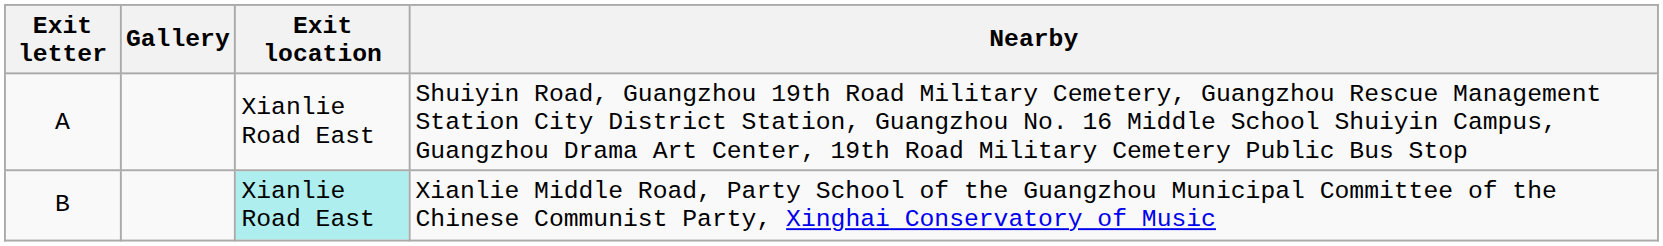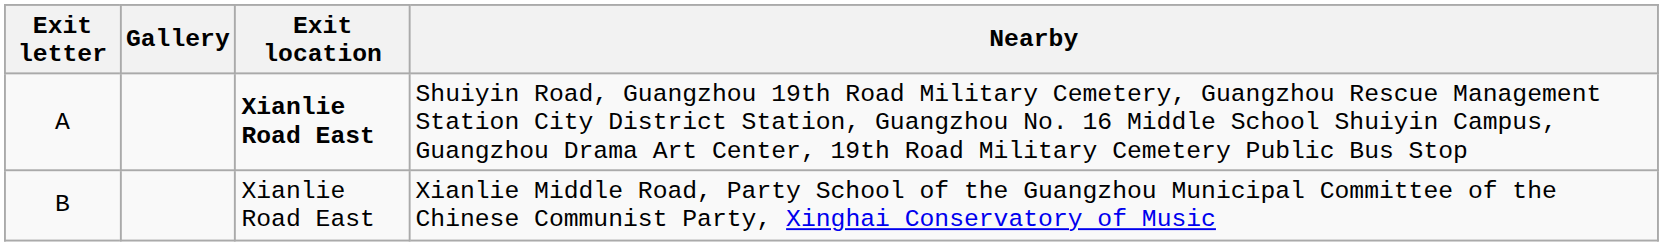 <table class="wikitable">
 <tr>
 <th style="width:70px" colspan="2">Exit letter</th>
 <th>Gallery</th>
 <th>Exit location</th>
 <th>Nearby</th>
 </tr>
 <tr>
 <td align="center" colspan="2">A</td>
 <td></td>
-<td>Xianlie Road East</td>
+<td><strong>Xianlie Road East</strong></td>
 <td>Shuiyin Road, Guangzhou 19th Road Military Cemetery, Guangzhou Rescue Management Station City District Station, Guangzhou No. 16 Middle School Shuiyin Campus, Guangzhou Drama Art Center, 19th Road Military Cemetery Public Bus Stop</td>
 </tr>
 <tr>
 <td align="center" colspan="2">B</td>
 <td></td>
-<td style="background: paleturquoise;">Xianlie Road East</td>
+<td>Xianlie Road East</td>
 <td>Xianlie Middle Road, Party School of the Guangzhou Municipal Committee of the Chinese Communist Party, <a href='#'>Xinghai Conservatory of Music</a></td>
 </tr>
 </table>
